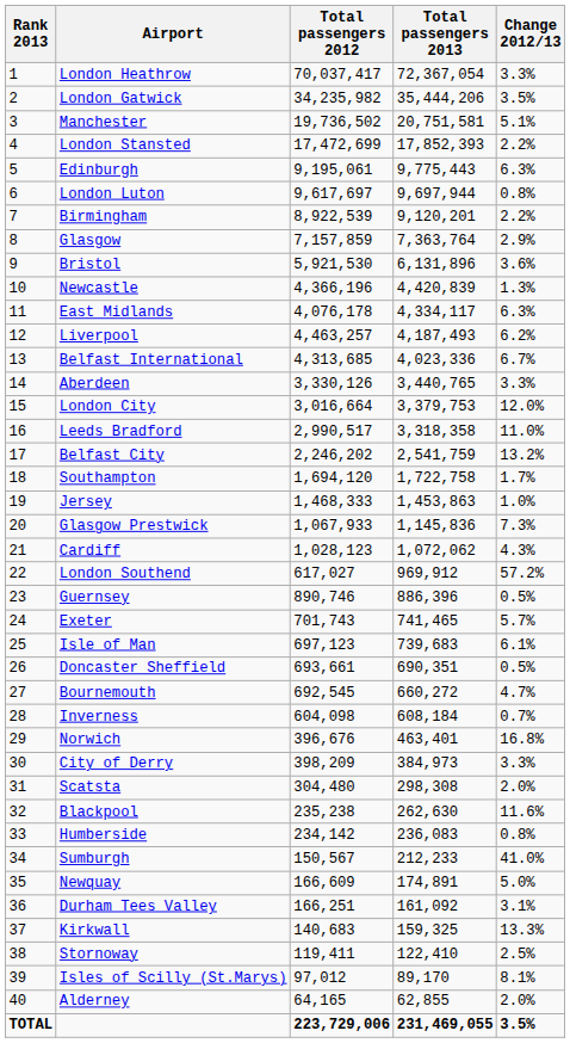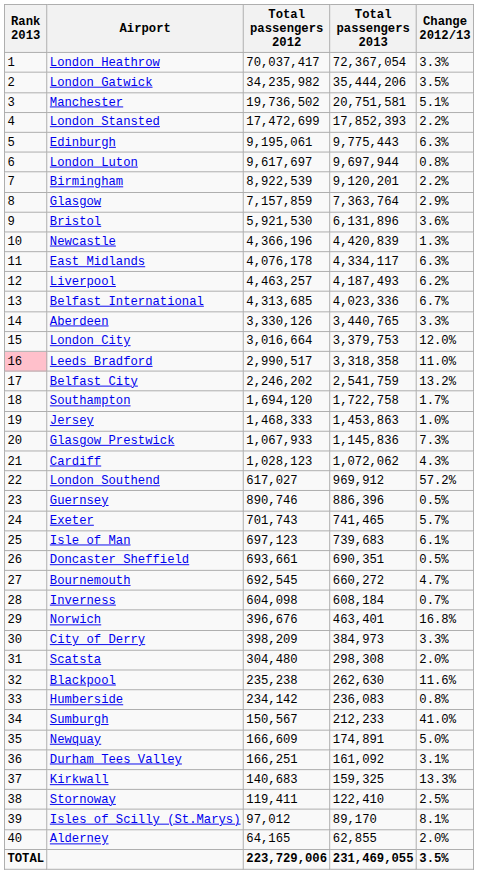 <table class="wikitable sortable">
 <tr>
 <th>Rank<br>2013</th>
 <th>Airport</th>
 <th>Total<br>passengers<br>2012</th>
 <th>Total<br>passengers<br>2013 <br><small></small></th>
 <th>Change<br>2012/13</th>
 </tr>
 <tr>
 <td>1</td>
 <td><a href='#'>London Heathrow</a></td>
 <td>70,037,417</td>
 <td>72,367,054</td>
 <td>3.3%</td>
 </tr>
 <tr>
 <td>2</td>
 <td><a href='#'>London Gatwick</a></td>
 <td>34,235,982</td>
 <td>35,444,206</td>
 <td>3.5%</td>
 </tr>
 <tr>
 <td>3</td>
 <td><a href='#'>Manchester</a></td>
 <td>19,736,502</td>
 <td>20,751,581</td>
 <td>5.1%</td>
 </tr>
 <tr>
 <td>4</td>
 <td><a href='#'>London Stansted</a></td>
 <td>17,472,699</td>
 <td>17,852,393</td>
 <td>2.2%</td>
 </tr>
 <tr>
 <td>5</td>
 <td><a href='#'>Edinburgh</a></td>
 <td>9,195,061</td>
 <td>9,775,443</td>
 <td>6.3%</td>
 </tr>
 <tr>
 <td>6</td>
 <td><a href='#'>London Luton</a></td>
 <td>9,617,697</td>
 <td>9,697,944</td>
 <td>0.8%</td>
 </tr>
 <tr>
 <td>7</td>
 <td><a href='#'>Birmingham</a></td>
 <td>8,922,539</td>
 <td>9,120,201</td>
 <td>2.2%</td>
 </tr>
 <tr>
 <td>8</td>
 <td><a href='#'>Glasgow</a></td>
 <td>7,157,859</td>
 <td>7,363,764</td>
 <td>2.9%</td>
 </tr>
 <tr>
 <td>9</td>
 <td><a href='#'>Bristol</a></td>
 <td>5,921,530</td>
 <td>6,131,896</td>
 <td>3.6%</td>
 </tr>
 <tr>
 <td>10</td>
 <td><a href='#'>Newcastle</a></td>
 <td>4,366,196</td>
 <td>4,420,839</td>
 <td>1.3%</td>
 </tr>
 <tr>
 <td>11</td>
 <td><a href='#'>East Midlands</a></td>
 <td>4,076,178</td>
 <td>4,334,117</td>
 <td>6.3%</td>
 </tr>
 <tr>
 <td>12</td>
 <td><a href='#'>Liverpool</a></td>
 <td>4,463,257</td>
 <td>4,187,493</td>
 <td>6.2%</td>
 </tr>
 <tr>
 <td>13</td>
 <td><a href='#'>Belfast International</a></td>
 <td>4,313,685</td>
 <td>4,023,336</td>
 <td>6.7%</td>
 </tr>
 <tr>
 <td>14</td>
 <td><a href='#'>Aberdeen</a></td>
 <td>3,330,126</td>
 <td>3,440,765</td>
 <td>3.3%</td>
 </tr>
 <tr>
 <td>15</td>
 <td><a href='#'>London City</a></td>
 <td>3,016,664</td>
 <td>3,379,753</td>
 <td>12.0%</td>
 </tr>
 <tr>
-<td>16</td>
+<td style="background: pink;">16</td>
 <td><a href='#'>Leeds Bradford</a></td>
 <td>2,990,517</td>
 <td>3,318,358</td>
 <td>11.0%</td>
 </tr>
 <tr>
 <td>17</td>
 <td><a href='#'>Belfast City</a></td>
 <td>2,246,202</td>
 <td>2,541,759</td>
 <td>13.2%</td>
 </tr>
 <tr>
 <td>18</td>
 <td><a href='#'>Southampton</a></td>
 <td>1,694,120</td>
 <td>1,722,758</td>
 <td>1.7%</td>
 </tr>
 <tr>
 <td>19</td>
 <td><a href='#'>Jersey</a></td>
 <td>1,468,333</td>
 <td>1,453,863</td>
 <td>1.0%</td>
 </tr>
 <tr>
 <td>20</td>
 <td><a href='#'>Glasgow Prestwick</a></td>
 <td>1,067,933</td>
 <td>1,145,836</td>
 <td>7.3%</td>
 </tr>
 <tr>
 <td>21</td>
 <td><a href='#'>Cardiff</a></td>
 <td>1,028,123</td>
 <td>1,072,062</td>
 <td>4.3%</td>
 </tr>
 <tr>
 <td>22</td>
 <td><a href='#'>London Southend</a></td>
 <td>617,027</td>
 <td>969,912</td>
 <td>57.2%</td>
 </tr>
 <tr>
 <td>23</td>
 <td><a href='#'>Guernsey</a></td>
 <td>890,746</td>
 <td>886,396</td>
 <td>0.5%</td>
 </tr>
 <tr>
 <td>24</td>
 <td><a href='#'>Exeter</a></td>
 <td>701,743</td>
 <td>741,465</td>
 <td>5.7%</td>
 </tr>
 <tr>
 <td>25</td>
 <td><a href='#'>Isle of Man</a></td>
 <td>697,123</td>
 <td>739,683</td>
 <td>6.1%</td>
 </tr>
 <tr>
 <td>26</td>
 <td><a href='#'>Doncaster Sheffield</a></td>
 <td>693,661</td>
 <td>690,351</td>
 <td>0.5%</td>
 </tr>
 <tr>
 <td>27</td>
 <td><a href='#'>Bournemouth</a></td>
 <td>692,545</td>
 <td>660,272</td>
 <td>4.7%</td>
 </tr>
 <tr>
 <td>28</td>
 <td><a href='#'>Inverness</a></td>
 <td>604,098</td>
 <td>608,184</td>
 <td>0.7%</td>
 </tr>
 <tr>
 <td>29</td>
 <td><a href='#'>Norwich</a></td>
 <td>396,676</td>
 <td>463,401</td>
 <td>16.8%</td>
 </tr>
 <tr>
 <td>30</td>
 <td><a href='#'>City of Derry</a></td>
 <td>398,209</td>
 <td>384,973</td>
 <td>3.3%</td>
 </tr>
 <tr>
 <td>31</td>
 <td><a href='#'>Scatsta</a></td>
 <td>304,480</td>
 <td>298,308</td>
 <td>2.0%</td>
 </tr>
 <tr>
 <td>32</td>
 <td><a href='#'>Blackpool</a></td>
 <td>235,238</td>
 <td>262,630</td>
 <td>11.6%</td>
 </tr>
 <tr>
 <td>33</td>
 <td><a href='#'>Humberside</a></td>
 <td>234,142</td>
 <td>236,083</td>
 <td>0.8%</td>
 </tr>
 <tr>
 <td>34</td>
 <td><a href='#'>Sumburgh</a></td>
 <td>150,567</td>
 <td>212,233</td>
 <td>41.0%</td>
 </tr>
 <tr>
 <td>35</td>
 <td><a href='#'>Newquay</a></td>
 <td>166,609</td>
 <td>174,891</td>
 <td>5.0%</td>
 </tr>
 <tr>
 <td>36</td>
 <td><a href='#'>Durham Tees Valley</a></td>
 <td>166,251</td>
 <td>161,092</td>
 <td>3.1%</td>
 </tr>
 <tr>
 <td>37</td>
 <td><a href='#'>Kirkwall</a></td>
 <td>140,683</td>
 <td>159,325</td>
 <td>13.3%</td>
 </tr>
 <tr>
 <td>38</td>
 <td><a href='#'>Stornoway</a></td>
 <td>119,411</td>
 <td>122,410</td>
 <td>2.5%</td>
 </tr>
 <tr>
 <td>39</td>
 <td><a href='#'>Isles of Scilly (St.Marys)</a></td>
 <td>97,012</td>
 <td>89,170</td>
 <td>8.1%</td>
 </tr>
 <tr>
 <td>40</td>
 <td><a href='#'>Alderney</a></td>
 <td>64,165</td>
 <td>62,855</td>
 <td>2.0%</td>
 </tr>
 <tr class="sortbottom">
 <td><strong>TOTAL</strong></td>
 <td></td>
 <td><strong>223,729,006</strong></td>
 <td><strong>231,469,055</strong></td>
 <td><strong>3.5%</strong></td>
 </tr>
 </table>
